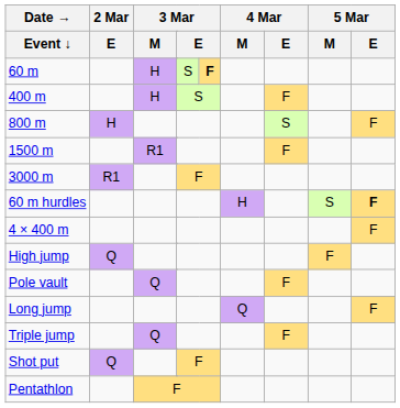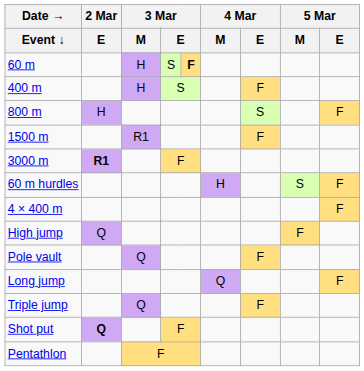 <table class="wikitable mw-datatable" style="margin:0.5em auto; font-size:90%; line-height:1.5em;">
 <tr align="center">
 <th>Date →</th>
 <th width="40px" colspan=1>2 Mar</th>
 <th width="80px" colspan=4>3 Mar</th>
 <th width="80px" colspan=4>4 Mar</th>
 <th width="80px" colspan=2>5 Mar</th>
 </tr>
 <tr>
 <th>Event ↓</th>
 <th width="40px">E</th>
 <th width="40px" colspan=2>M</th>
 <th width="40px" colspan=2>E</th>
 <th width="40px" colspan=2>M</th>
 <th width="40px" colspan=2>E</th>
 <th width="40px">M</th>
 <th width="40px">E</th>
 </tr>
 <tr align="center">
 <td align="left"><a href='#'>60 m</a></td>
 <td></td>
 <td bgcolor="#D0A9F5" colspan=2>H</td>
 <td bgcolor="#D9FFB2">S</td>
 <td bgcolor="#FFDF80"><strong>F</strong></td>
 <td colspan=2></td>
 <td colspan=2></td>
 <td></td>
 <td></td>
 </tr>
 <tr align="center">
 <td align="left"><a href='#'>400 m</a></td>
 <td></td>
 <td bgcolor="#D0A9F5" colspan=2>H</td>
 <td bgcolor="#D9FFB2" colspan=2>S</td>
 <td colspan=2></td>
 <td bgcolor="#FFDF80" colspan=2>F</td>
 <td></td>
 <td></td>
 </tr>
 <tr align="center">
 <td align="left"><a href='#'>800 m</a></td>
 <td bgcolor="#D0A9F5">H</td>
 <td colspan=2></td>
 <td colspan=2></td>
 <td colspan=2></td>
 <td bgcolor="#D9FFB2" colspan=2>S</td>
 <td></td>
 <td bgcolor="#FFDF80">F</td>
 </tr>
 <tr align="center">
 <td align="left"><a href='#'>1500 m</a></td>
 <td></td>
 <td bgcolor="#D0A9F5" colspan=2>R1</td>
 <td colspan=2></td>
 <td colspan=2></td>
 <td bgcolor="#FFDF80" colspan=2>F</td>
 <td></td>
 <td></td>
 </tr>
 <tr align="center">
 <td align="left"><a href='#'>3000 m</a></td>
-<td bgcolor="#D0A9F5">R1</td>
+<td bgcolor="#D0A9F5"><strong>R1</strong></td>
 <td colspan=2></td>
 <td bgcolor="#FFDF80" colspan=2>F</td>
 <td colspan=2></td>
 <td colspan=2></td>
 <td></td>
 <td></td>
 </tr>
 <tr align="center">
 <td align="left"><a href='#'>60 m hurdles</a></td>
 <td></td>
 <td colspan=2></td>
 <td colspan=2></td>
 <td bgcolor="#D0A9F5" colspan=2>H</td>
 <td colspan=2></td>
 <td bgcolor="#D9FFB2">S</td>
-<td bgcolor="#FFDF80"><strong>F</strong></td>
+<td bgcolor="#FFDF80">F</td>
 </tr>
 <tr align="center">
 <td align="left"><a href='#'>4 × 400 m</a></td>
 <td></td>
 <td colspan=2></td>
 <td colspan=2></td>
 <td colspan=2></td>
 <td colspan=2></td>
 <td></td>
 <td bgcolor="#FFDF80">F</td>
 </tr>
 <tr align="center">
 <td align="left"><a href='#'>High jump</a></td>
 <td bgcolor="#D0A9F5">Q</td>
 <td colspan=2></td>
 <td colspan=2></td>
 <td colspan=2></td>
 <td colspan=2></td>
 <td bgcolor="#FFDF80">F</td>
 <td></td>
 </tr>
 <tr align="center">
 <td align="left"><a href='#'>Pole vault</a></td>
 <td></td>
 <td bgcolor="#D0A9F5" colspan=2>Q</td>
 <td colspan=2></td>
 <td colspan=2></td>
 <td bgcolor="#FFDF80" colspan=2>F</td>
 <td></td>
 <td></td>
 </tr>
 <tr align="center">
 <td align="left"><a href='#'>Long jump</a></td>
 <td></td>
 <td colspan=2></td>
 <td colspan=2></td>
 <td bgcolor="#D0A9F5" colspan=2>Q</td>
 <td colspan=2></td>
 <td></td>
 <td bgcolor="#FFDF80">F</td>
 </tr>
 <tr align="center">
 <td align="left"><a href='#'>Triple jump</a></td>
 <td></td>
 <td bgcolor="#D0A9F5" colspan=2>Q</td>
 <td colspan=2></td>
 <td colspan=2></td>
 <td bgcolor="#FFDF80" colspan=2>F</td>
 <td></td>
 <td></td>
 </tr>
 <tr align="center">
 <td align="left"><a href='#'>Shot put</a></td>
-<td bgcolor="#D0A9F5">Q</td>
+<td bgcolor="#D0A9F5"><strong>Q</strong></td>
 <td colspan=2></td>
 <td bgcolor="#FFDF80" colspan=2>F</td>
 <td colspan=2></td>
 <td colspan=2></td>
 <td></td>
 <td></td>
 </tr>
 <tr align="center">
 <td align="left"><a href='#'>Pentathlon</a></td>
 <td></td>
 <td bgcolor="#FFDF80" colspan=4>F</td>
 <td colspan=2></td>
 <td colspan=2></td>
 <td></td>
 <td></td>
 </tr>
 </table>
